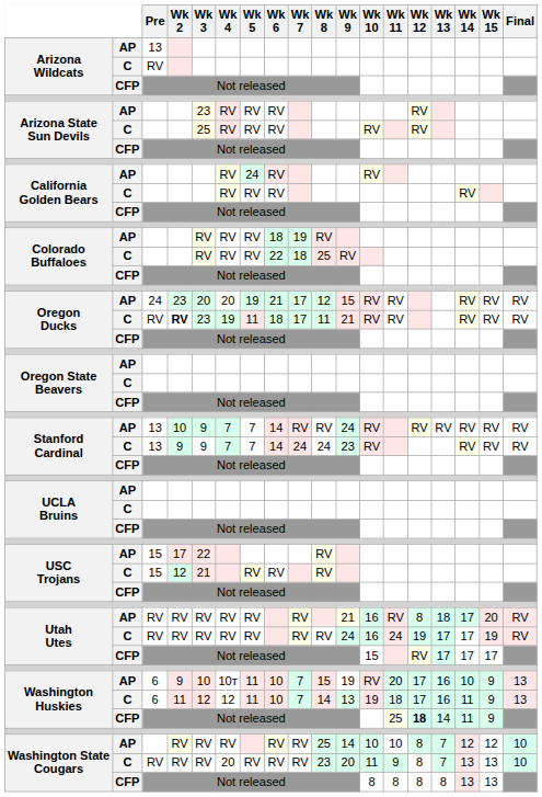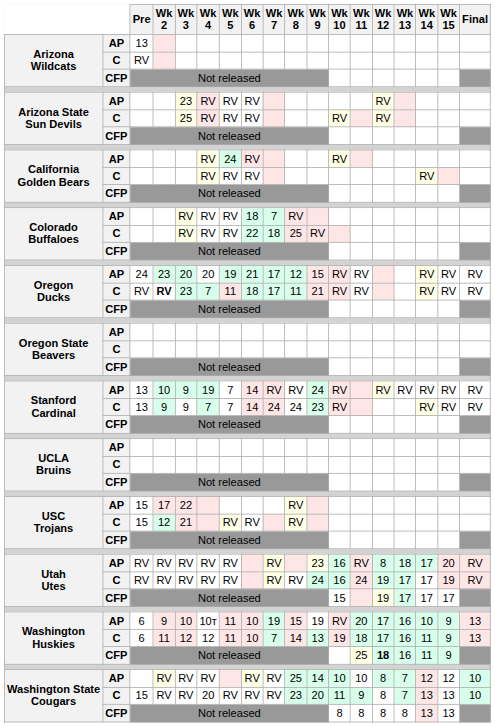 <table class="wikitable" style="white-space:nowrap;font-size:90%;">
 <tr>
 <th colspan=2 style="background:white; border-top-style:hidden; border-left-style:hidden;"> </th>
 <th>Pre</th>
 <th>Wk<br>2</th>
 <th>Wk<br>3</th>
 <th>Wk<br>4</th>
 <th>Wk<br>5</th>
 <th>Wk<br>6</th>
 <th>Wk<br>7</th>
 <th>Wk<br>8</th>
 <th>Wk<br>9</th>
 <th>Wk<br>10</th>
 <th>Wk<br>11</th>
 <th>Wk<br>12</th>
 <th>Wk<br>13</th>
 <th>Wk<br>14</th>
 <th>Wk<br>15</th>
 <th>Final</th>
 </tr>
 <tr style="text-align:center;">
 <th rowspan=3>Arizona<br>Wildcats</th>
 <th>AP</th>
 <td style="background:#FFF;">13</td>
 <td style="background:#FFE6E6;"></td>
 <td style="background:#FFF;"></td>
 <td style="background:#FFF;"></td>
 <td style="background:#FFF;"></td>
 <td style="background:#FFF;"></td>
 <td style="background:#FFF;"></td>
 <td style="background:#FFF;"></td>
 <td style="background:#FFF;"></td>
 <td style="background:#FFF;"></td>
 <td style="background:#FFF;"></td>
 <td style="background:#FFF;"></td>
 <td style="background:#FFF;"></td>
 <td style="background:#FFF;"></td>
 <td style="background:#FFF;"></td>
 <td style="background:#FFF;"></td>
 </tr>
 <tr style="text-align:center;">
 <th>C</th>
 <td style="background:#FFF;">RV</td>
 <td style="background:#FFE6E6;"></td>
 <td style="background:#FFF;"></td>
 <td style="background:#FFF;"></td>
 <td style="background:#FFF;"></td>
 <td style="background:#FFF;"></td>
 <td style="background:#FFF;"></td>
 <td style="background:#FFF;"></td>
 <td style="background:#FFF;"></td>
 <td style="background:#FFF;"></td>
 <td style="background:#FFF;"></td>
 <td style="background:#FFF;"></td>
 <td style="background:#FFF;"></td>
 <td style="background:#FFF;"></td>
 <td style="background:#FFF;"></td>
 <td style="background:#FFF;"></td>
 </tr>
 <tr style="text-align:center;">
 <th>CFP</th>
 <td colspan="9" style="background:#999;">Not released</td>
 <td style="background:#FFF;"></td>
 <td style="background:#FFF;"></td>
 <td style="background:#FFF;"></td>
 <td style="background:#FFF;"></td>
 <td style="background:#FFF;"></td>
 <td style="background:#FFF;"></td>
 <td style="background:#999;"></td>
 </tr>
 <tr>
 <th colspan="19" style="background:lightgrey;"></th>
 </tr>
 <tr style="text-align:center;">
 <th rowspan=3>Arizona State<br>Sun Devils</th>
 <th>AP</th>
 <td style="background:#FFF;"></td>
 <td style="background:#FFF;"></td>
 <td style="background:#FFFFE6;">23</td>
 <td style="background:#FFE6E6;">RV</td>
 <td style="background:#FFF;">RV</td>
 <td style="background:#FFF;">RV</td>
 <td style="background:#FFE6E6;"></td>
 <td style="background:#FFF;"></td>
 <td style="background:#FFF;"></td>
 <td style="background:#FFF;"></td>
 <td style="background:#FFF;"></td>
 <td style="background:#FFFFE6;">RV</td>
 <td style="background:#FFE6E6;"></td>
 <td style="background:#FFF;"></td>
 <td style="background:#FFF;"></td>
 <td style="background:#FFF;"></td>
 </tr>
 <tr style="text-align:center;">
 <th>C</th>
 <td style="background:#FFF;"></td>
 <td style="background:#FFF;"></td>
 <td style="background:#FFFFE6;">25</td>
 <td style="background:#FFE6E6;">RV</td>
 <td style="background:#FFF;">RV</td>
 <td style="background:#FFF;">RV</td>
 <td style="background:#FFE6E6;"></td>
 <td style="background:#FFF;"></td>
 <td style="background:#FFF;"></td>
 <td style="background:#FFFFE6;">RV</td>
 <td style="background:#FFE6E6;"></td>
 <td style="background:#FFFFE6;">RV</td>
 <td style="background:#FFE6E6;"></td>
 <td style="background:#FFF;"></td>
 <td style="background:#FFF;"></td>
 <td style="background:#FFF;"></td>
 </tr>
 <tr style="text-align:center;">
 <th>CFP</th>
 <td colspan="9" style="background:#999;">Not released</td>
 <td style="background:#FFF;"></td>
 <td style="background:#FFF;"></td>
 <td style="background:#FFF;"></td>
 <td style="background:#FFF;"></td>
 <td style="background:#FFF;"></td>
 <td style="background:#FFF;"></td>
 <td style="background:#999;"></td>
 </tr>
 <tr>
 <th colspan="19" style="background:lightgrey;"></th>
 </tr>
 <tr style="text-align:center;">
 <th rowspan=3>California<br>Golden Bears</th>
 <th>AP</th>
 <td style="background:#FFF;"></td>
 <td style="background:#FFF;"></td>
 <td style="background:#FFF;"></td>
 <td style="background:#FFFFE6;">RV</td>
 <td style="background:#D8FFEB;">24</td>
 <td style="background:#FFE6E6;">RV</td>
 <td style="background:#FFE6E6;"></td>
 <td style="background:#FFF;"></td>
 <td style="background:#FFF;"></td>
 <td style="background:#FFFFE6;">RV</td>
 <td style="background:#FFE6E6;"></td>
 <td style="background:#FFF;"></td>
 <td style="background:#FFF;"></td>
 <td style="background:#FFF;"></td>
 <td style="background:#FFF;"></td>
 <td style="background:#FFF;"></td>
 </tr>
 <tr style="text-align:center;">
 <th>C</th>
 <td style="background:#FFF;"></td>
 <td style="background:#FFF;"></td>
 <td style="background:#FFF;"></td>
 <td style="background:#FFFFE6;">RV</td>
 <td style="background:#FFF;">RV</td>
 <td style="background:#FFF;">RV</td>
 <td style="background:#FFE6E6;"></td>
 <td style="background:#FFF;"></td>
 <td style="background:#FFF;"></td>
 <td style="background:#FFF;"></td>
 <td style="background:#FFF;"></td>
 <td style="background:#FFF;"></td>
 <td style="background:#FFF;"></td>
 <td style="background:#FFFFE6;">RV</td>
 <td style="background:#FFE6E6;"></td>
 <td style="background:#FFF;"></td>
 </tr>
 <tr style="text-align:center;">
 <th>CFP</th>
 <td colspan="9" style="background:#999;">Not released</td>
 <td style="background:#FFF;"></td>
 <td style="background:#FFF;"></td>
 <td style="background:#FFF;"></td>
 <td style="background:#FFF;"></td>
 <td style="background:#FFF;"></td>
 <td style="background:#FFF;"></td>
 <td style="background:#999;"></td>
 </tr>
 <tr>
 <th colspan="19" style="background:lightgrey;"></th>
 </tr>
 <tr style="text-align:center;">
 <th rowspan=3>Colorado<br>Buffaloes</th>
 <th>AP</th>
 <td style="background:#FFF;"></td>
 <td style="background:#FFF;"></td>
 <td style="background:#FFFFE6;">RV</td>
 <td style="background:#FFF;">RV</td>
 <td style="background:#FFF;">RV</td>
 <td style="background:#D8FFEB;">18</td>
-<td style="background:#D8FFEB;">19</td>
+<td style="background:#D8FFEB;">7</td>
 <td style="background:#FFE6E6;">RV</td>
 <td style="background:#FFE6E6;"></td>
 <td style="background:#FFF;"></td>
 <td style="background:#FFF;"></td>
 <td style="background:#FFF;"></td>
 <td style="background:#FFF;"></td>
 <td style="background:#FFF;"></td>
 <td style="background:#FFF;"></td>
 <td style="background:#FFF;"></td>
 </tr>
 <tr style="text-align:center;">
 <th>C</th>
 <td style="background:#FFF;"></td>
 <td style="background:#FFF;"></td>
 <td style="background:#FFFFE6;">RV</td>
 <td style="background:#FFF;">RV</td>
 <td style="background:#FFF;">RV</td>
 <td style="background:#D8FFEB;">22</td>
 <td style="background:#D8FFEB;">18</td>
 <td style="background:#FFE6E6;">25</td>
 <td style="background:#FFE6E6;">RV</td>
 <td style="background:#FFE6E6;"></td>
 <td style="background:#FFF;"></td>
 <td style="background:#FFF;"></td>
 <td style="background:#FFF;"></td>
 <td style="background:#FFF;"></td>
 <td style="background:#FFF;"></td>
 <td style="background:#FFF;"></td>
 </tr>
 <tr style="text-align:center;">
 <th>CFP</th>
 <td colspan="9" style="background:#999;">Not released</td>
 <td style="background:#FFF;"></td>
 <td style="background:#FFF;"></td>
 <td style="background:#FFF;"></td>
 <td style="background:#FFF;"></td>
 <td style="background:#FFF;"></td>
 <td style="background:#FFF;"></td>
 <td style="background:#999;"></td>
 </tr>
 <tr>
 <th colspan="19" style="background:lightgrey;"></th>
 </tr>
 <tr style="text-align:center;">
 <th rowspan=3>Oregon<br>Ducks</th>
 <th>AP</th>
 <td style="background:#FFF;">24</td>
 <td style="background:#D8FFEB;">23</td>
 <td style="background:#D8FFEB;">20</td>
 <td style="background:#FFF;">20</td>
 <td style="background:#D8FFEB;">19</td>
 <td style="background:#D8FFEB;">21</td>
 <td style="background:#D8FFEB;">17</td>
 <td style="background:#D8FFEB;”">12</td>
 <td style="background:#FFE6E6;">15</td>
 <td style="background:#FFE6E6;">RV</td>
 <td style="background:#FFF;">RV</td>
 <td style="background:#FFE6E6;"></td>
 <td style="background:#FFF;"></td>
 <td style="background:#FFFFE6;">RV</td>
 <td style="background:#FFF;">RV</td>
 <td style="background:#FFF;">RV</td>
 </tr>
 <tr style="text-align:center;">
 <th>C</th>
 <td style="background:#FFF;">RV</td>
 <td style="background:#FFF;"><strong>RV</strong></td>
 <td style="background:#D8FFEB;">23</td>
-<td style="background:#D8FFEB;">19</td>
+<td style="background:#D8FFEB;">7</td>
 <td style="background:#FFE6E6;">11</td>
 <td style="background:#D8FFEB;">18</td>
 <td style="background:#D8FFEB;">17</td>
 <td style="background:#D8FFEB;”">11</td>
 <td style="background:#FFE6E6;">21</td>
 <td style="background:#FFE6E6;">RV</td>
 <td style="background:#FFF;">RV</td>
 <td style="background:#FFE6E6;"></td>
 <td style="background:#FFF;"></td>
 <td style="background:#FFFFE6;">RV</td>
 <td style="background:#FFF;">RV</td>
 <td style="background:#FFF;">RV</td>
 </tr>
 <tr style="text-align:center;">
 <th>CFP</th>
 <td colspan="9" style="background:#999;">Not released</td>
 <td style="background:#FFF;"></td>
 <td style="background:#FFF;"></td>
 <td style="background:#FFF;"></td>
 <td style="background:#FFF;"></td>
 <td style="background:#FFF;"></td>
 <td style="background:#FFF;"></td>
 <td style="background:#999;"></td>
 </tr>
 <tr>
 <th colspan="19" style="background:lightgrey;"></th>
 </tr>
 <tr style="text-align:center;">
 <th rowspan=3>Oregon State<br>Beavers</th>
 <th>AP</th>
 <td style="background:#FFF;"></td>
 <td style="background:#FFF;"></td>
 <td style="background:#FFF;"></td>
 <td style="background:#FFF;"></td>
 <td style="background:#FFF;"></td>
 <td style="background:#FFF;"></td>
 <td style="background:#FFF;"></td>
 <td style="background:#FFF;"></td>
 <td style="background:#FFF;"></td>
 <td style="background:#FFF;"></td>
 <td style="background:#FFF;"></td>
 <td style="background:#FFF;"></td>
 <td style="background:#FFF;"></td>
 <td style="background:#FFF;"></td>
 <td style="background:#FFF;"></td>
 <td style="background:#FFF;"></td>
 </tr>
 <tr style="text-align:center;">
 <th>C</th>
 <td style="background:#FFF;"></td>
 <td style="background:#FFF;"></td>
 <td style="background:#FFF;"></td>
 <td style="background:#FFF;"></td>
 <td style="background:#FFF;"></td>
 <td style="background:#FFF;"></td>
 <td style="background:#FFF;"></td>
 <td style="background:#FFF;"></td>
 <td style="background:#FFF;"></td>
 <td style="background:#FFF;"></td>
 <td style="background:#FFF;"></td>
 <td style="background:#FFF;"></td>
 <td style="background:#FFF;"></td>
 <td style="background:#FFF;"></td>
 <td style="background:#FFF;"></td>
 <td style="background:#FFF;"></td>
 </tr>
 <tr style="text-align:center;">
 <th>CFP</th>
 <td colspan="9" style="background:#999;">Not released</td>
 <td style="background:#FFF;"></td>
 <td style="background:#FFF;"></td>
 <td style="background:#FFF;"></td>
 <td style="background:#FFF;"></td>
 <td style="background:#FFF;"></td>
 <td style="background:#FFF;"></td>
 <td style="background:#999;"></td>
 </tr>
 <tr>
 <th colspan="19" style="background:lightgrey;"></th>
 </tr>
 <tr style="text-align:center;">
 <th rowspan=3>Stanford<br>Cardinal</th>
 <th>AP</th>
 <td style="background:#FFF;">13</td>
 <td style="background:#D8FFEB;">10</td>
 <td style="background:#D8FFEB;">9</td>
-<td style="background:#D8FFEB;">7</td>
+<td style="background:#D8FFEB;">19</td>
 <td style="background:#FFF;">7</td>
 <td style="background:#FFE6E6;">14</td>
 <td style="background:#FFE6E6;">RV</td>
 <td style="background:#FFF;">RV</td>
 <td style="background:#D8FFEB;">24</td>
 <td style="background:#FFE6E6;">RV</td>
 <td style="background:#FFE6E6;"></td>
 <td style="background:#FFFFE6;">RV</td>
 <td style="background:#FFF;">RV</td>
 <td style="background:#FFF;">RV</td>
 <td style="background:#FFF;">RV</td>
 <td style="background:#FFF;">RV</td>
 </tr>
 <tr style="text-align:center;">
 <th>C</th>
 <td style="background:#FFF;">13</td>
 <td style="background:#D8FFEB;">9</td>
 <td style="background:#FFF;">9</td>
 <td style="background:#D8FFEB;">7</td>
 <td style="background:#FFF;">7</td>
 <td style="background:#FFE6E6;">14</td>
 <td style="background:#FFE6E6;">24</td>
 <td style="background:#FFF;">24</td>
 <td style="background:#D8FFEB;">23</td>
 <td style="background:#FFE6E6;">RV</td>
 <td style="background:#FFE6E6;"></td>
 <td style="background:#FFF;"></td>
 <td style="background:#FFF;"></td>
 <td style="background:#FFFFE6;">RV</td>
 <td style="background:#FFF;">RV</td>
 <td style="background:#FFF;">RV</td>
 </tr>
 <tr style="text-align:center;">
 <th>CFP</th>
 <td colspan="9" style="background:#999;">Not released</td>
 <td style="background:#FFF;"></td>
 <td style="background:#FFF;"></td>
 <td style="background:#FFF;"></td>
 <td style="background:#FFF;"></td>
 <td style="background:#FFF;"></td>
 <td style="background:#FFF;"></td>
 <td style="background:#999;"></td>
 </tr>
 <tr>
 <th colspan="19" style="background:lightgrey;"></th>
 </tr>
 <tr style="text-align:center;">
 <th rowspan=3>UCLA<br>Bruins</th>
 <th>AP</th>
 <td style="background:#FFF;"></td>
 <td style="background:#FFF;"></td>
 <td style="background:#FFF;"></td>
 <td style="background:#FFF;"></td>
 <td style="background:#FFF;"></td>
 <td style="background:#FFF;"></td>
 <td style="background:#FFF;"></td>
 <td style="background:#FFF;"></td>
 <td style="background:#FFF;"></td>
 <td style="background:#FFF;"></td>
 <td style="background:#FFF;"></td>
 <td style="background:#FFF;"></td>
 <td style="background:#FFF;"></td>
 <td style="background:#FFF;"></td>
 <td style="background:#FFF;"></td>
 <td style="background:#FFF;"></td>
 </tr>
 <tr style="text-align:center;">
 <th>C</th>
 <td style="background:#FFF;"></td>
 <td style="background:#FFF;"></td>
 <td style="background:#FFF;"></td>
 <td style="background:#FFF;"></td>
 <td style="background:#FFF;"></td>
 <td style="background:#FFF;"></td>
 <td style="background:#FFF;"></td>
 <td style="background:#FFF;"></td>
 <td style="background:#FFF;"></td>
 <td style="background:#FFF;"></td>
 <td style="background:#FFF;"></td>
 <td style="background:#FFF;"></td>
 <td style="background:#FFF;"></td>
 <td style="background:#FFF;"></td>
 <td style="background:#FFF;"></td>
 <td style="background:#FFF;"></td>
 </tr>
 <tr style="text-align:center;">
 <th>CFP</th>
 <td colspan="9" style="background:#999;">Not released</td>
 <td style="background:#FFF;"></td>
 <td style="background:#FFF;"></td>
 <td style="background:#FFF;"></td>
 <td style="background:#FFF;"></td>
 <td style="background:#FFF;"></td>
 <td style="background:#FFF;"></td>
 <td style="background:#999;"></td>
 </tr>
 <tr>
 <th colspan="19" style="background:lightgrey;"></th>
 </tr>
 <tr style="text-align:center;">
 <th rowspan=3>USC<br>Trojans</th>
 <th>AP</th>
 <td style="background:#FFF;">15</td>
 <td style="background:#FFE6E6;">17</td>
 <td style="background:#FFE6E6;">22</td>
 <td style="background:#FFE6E6;"></td>
 <td style="background:#FFF;"></td>
 <td style="background:#FFF;"></td>
 <td style="background:#FFF;"></td>
 <td style="background:#FFFFE6;">RV</td>
 <td style="background:#FFE6E6;"></td>
 <td style="background:#FFF;"></td>
 <td style="background:#FFF;"></td>
 <td style="background:#FFF;"></td>
 <td style="background:#FFF;"></td>
 <td style="background:#FFF;"></td>
 <td style="background:#FFF;"></td>
 <td style="background:#FFF;"></td>
 </tr>
 <tr style="text-align:center;">
 <th>C</th>
 <td style="background:#FFF;">15</td>
 <td style="background:#D8FFEB;">12</td>
 <td style="background:#FFE6E6;">21</td>
 <td style="background:#FFE6E6;"></td>
 <td style="background:#FFFFE6;">RV</td>
 <td style="background:#FFF;">RV</td>
 <td style="background:#FFE6E6"></td>
 <td style="background:#FFFFE6;">RV</td>
 <td style="background:#FFE6E6;"></td>
 <td style="background:#FFF;"></td>
 <td style="background:#FFF;"></td>
 <td style="background:#FFF;"></td>
 <td style="background:#FFF;"></td>
 <td style="background:#FFF;"></td>
 <td style="background:#FFF;"></td>
 <td style="background:#FFF;"></td>
 </tr>
 <tr style="text-align:center;">
 <th>CFP</th>
 <td colspan="9" style="background:#999;">Not released</td>
 <td style="background:#FFF;"></td>
 <td style="background:#FFF;"></td>
 <td style="background:#FFF;"></td>
 <td style="background:#FFF;"></td>
 <td style="background:#FFF;"></td>
 <td style="background:#FFF;"></td>
 <td style="background:#999;"></td>
 </tr>
 <tr>
 <th colspan="19" style="background:lightgrey;"></th>
 </tr>
 <tr style="text-align:center;">
 <th rowspan=3>Utah<br>Utes</th>
 <th>AP</th>
 <td style="background:#FFF;">RV</td>
 <td style="background:#FFF;">RV</td>
 <td style="background:#FFF;">RV</td>
 <td style="background:#FFF;">RV</td>
 <td style="background:#FFF;">RV</td>
 <td style="background:#FFE6E6;"></td>
 <td style="background:#FFFFE6;">RV</td>
 <td style="background:#FFE6E6;"></td>
-<td style="background:#FFFFE6;">21</td>
+<td style="background:#FFFFE6;">23</td>
 <td style="background:#D8FFEB;">16</td>
 <td style="background:#FFE6E6;">RV</td>
 <td style="background:#D8FFEB;">8</td>
 <td style="background:#D8FFEB;">18</td>
 <td style="background:#D8FFEB;">17</td>
 <td style="background:#FFE6E6;">20</td>
 <td style="background:#FFE6E6;">RV</td>
 </tr>
 <tr style="text-align:center;">
 <th>C</th>
 <td style="background:#FFF;">RV</td>
 <td style="background:#FFF;">RV</td>
 <td style="background:#FFF;">RV</td>
 <td style="background:#FFF;">RV</td>
 <td style="background:#FFF;">RV</td>
 <td style="background:#FFE6E6;"></td>
 <td style="background:#FFFFE6;">RV</td>
 <td style="background:#FFF;">RV</td>
 <td style="background:#D8FFEB;">24</td>
 <td style="background:#D8FFEB;">16</td>
 <td style="background:#FFE6E6;">24</td>
 <td style="background:#D8FFEB;">19</td>
 <td style="background:#D8FFEB;">17</td>
 <td style="background:#FFF;">17</td>
 <td style="background:#FFE6E6;">19</td>
 <td style="background:#FFE6E6;">RV</td>
 </tr>
 <tr style="text-align:center;">
 <th>CFP</th>
 <td colspan="9" style="background:#999;">Not released</td>
 <td style="background:#FFF;">15</td>
 <td style="background:#FFE6E6;"></td>
-<td style="background:#FFFFE6;">RV</td>
+<td style="background:#FFFFE6;">19</td>
 <td style="background:#D8FFEB;">17</td>
 <td style="background:#FFF;">17</td>
 <td style="background:#FFF;">17</td>
 <td style="background:#999;"></td>
 </tr>
 <tr>
 <th colspan="19" style="background:lightgrey;"></th>
 </tr>
 <tr style="text-align:center;">
 <th rowspan=3>Washington<br>Huskies</th>
 <th>AP</th>
 <td style="background:#FFF;">6</td>
 <td style="background:#FFE6E6;">9</td>
 <td style="background:#FFE6E6;">10</td>
 <td style="background:#FFF;">10т</td>
 <td style="background:#FFE6E6;">11</td>
 <td style="background:#FFE6E6;">10</td>
-<td style="background:#D8FFEB;">7</td>
+<td style="background:#D8FFEB;">19</td>
 <td style="background:#FFE6E6;">15</td>
 <td style="background:#FFF;">19</td>
 <td style="background:#FFE6E6;">RV</td>
 <td style="background:#D8FFEB;">20</td>
 <td style="background:#D8FFEB;">17</td>
 <td style="background:#D8FFEB;">16</td>
 <td style="background:#D8FFEB;">10</td>
 <td style="background:#D8FFEB;">9</td>
 <td style="background:#FFE6E6;">13</td>
 </tr>
 <tr style="text-align:center;">
 <th>C</th>
 <td style="background:#FFF;">6</td>
 <td style="background:#FFE6E6;">11</td>
 <td style="background:#FFE6E6;">12</td>
 <td style="background:#FFF;">12</td>
 <td style="background:#FFE6E6;">11</td>
 <td style="background:#FFE6E6;">10</td>
 <td style="background:#D8FFEB;">7</td>
 <td style="background:#FFE6E6;">14</td>
 <td style="background:#D8FFEB;">13</td>
 <td style="background:#FFE6E6;">19</td>
 <td style="background:#D8FFEB;">18</td>
 <td style="background:#D8FFEB;">17</td>
 <td style="background:#D8FFEB;">16</td>
 <td style="background:#D8FFEB;">11</td>
 <td style="background:#D8FFEB;">9</td>
 <td style="background:#FFE6E6;">13</td>
 </tr>
 <tr style="text-align:center;">
 <th>CFP</th>
 <td colspan="9" style="background:#999;">Not released</td>
 <td style="background:#FFF;"></td>
 <td style="background:#FFFFE6;">25</td>
 <td style="background:#D8FFEB;"><strong>18</strong></td>
-<td style="background:#D8FFEB;">14</td>
+<td style="background:#D8FFEB;">16</td>
 <td style="background:#D8FFEB;">11</td>
 <td style="background:#D8FFEB;">9</td>
 <td style="background:#999;"></td>
 </tr>
 <tr>
 <th colspan="19" style="background:lightgrey;"></th>
 </tr>
 <tr style="text-align:center;">
 <th rowspan=3>Washington State<br>Cougars</th>
 <th>AP</th>
 <td style="background:#FFF;"></td>
 <td style="background:#FFFFE6;">RV</td>
 <td style="background:#FFF;">RV</td>
 <td style="background:#FFF;">RV</td>
 <td style="background:#FFE6E6;"></td>
 <td style="background:#FFFFE6;">RV</td>
 <td style="background:#FFF;">RV</td>
 <td style="background:#D8FFEB;">25</td>
 <td style="background:#D8FFEB;">14</td>
 <td style="background:#D8FFEB;">10</td>
 <td style="background:#FFF;">10</td>
 <td style="background:#D8FFEB;">8</td>
 <td style="background:#D8FFEB;">7</td>
 <td style="background:#FFE6E6;">12</td>
 <td style="background:#FFF;">12</td>
 <td style="background:#D8FFEB;">10</td>
 </tr>
 <tr style="text-align:center;">
 <th>C</th>
-<td style="background:#FFF;">RV</td>
+<td style="background:#FFF;">15</td>
 <td style="background:#FFF;">RV</td>
 <td style="background:#FFF;">RV</td>
 <td style="background:#FFF;">20</td>
 <td style="background:#FFF;">RV</td>
 <td style="background:#FFF;">RV</td>
 <td style="background:#FFF;">RV</td>
 <td style="background:#D8FFEB;">23</td>
 <td style="background:#D8FFEB;">20</td>
 <td style="background:#D8FFEB;">11</td>
 <td style="background:#D8FFEB;">9</td>
 <td style="background:#FFF;">8</td>
 <td style="background:#D8FFEB;">7</td>
 <td style="background:#FFE6E6;">13</td>
 <td style="background:#FFF;">13</td>
 <td style="background:#D8FFEB;">10</td>
 </tr>
 <tr style="text-align:center;">
 <th>CFP</th>
 <td colspan="9" style="background:#999;">Not released</td>
 <td style="background:#FFF;">8</td>
 <td style="background:#FFF;">8</td>
 <td style="background:#FFF;">8</td>
 <td style="background:#FFF;">8</td>
 <td style="background:#FFE6E6;">13</td>
 <td style="background:#FFF;">13</td>
 <td style="background:#999;"></td>
 </tr>
 </table>
